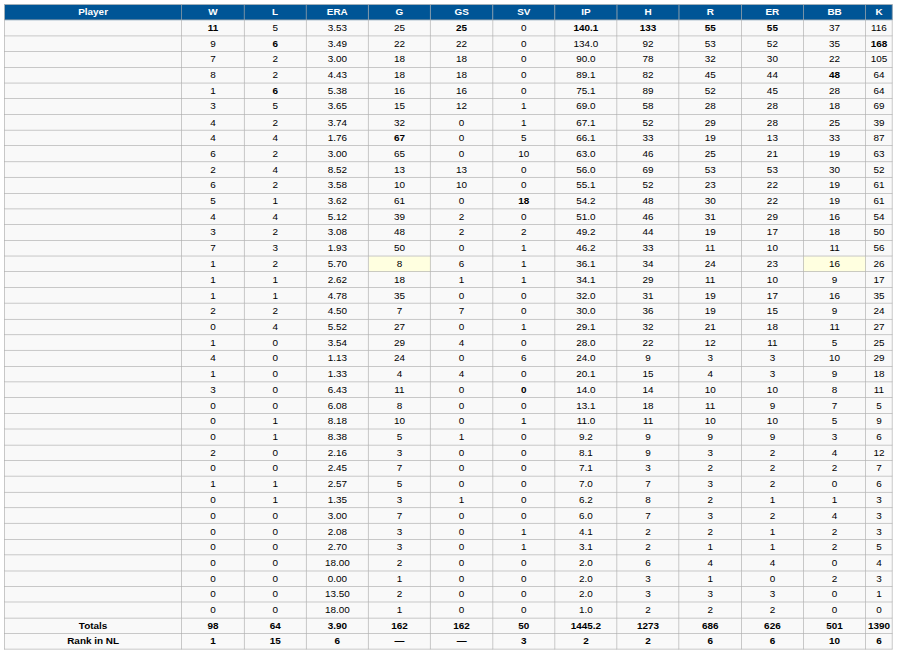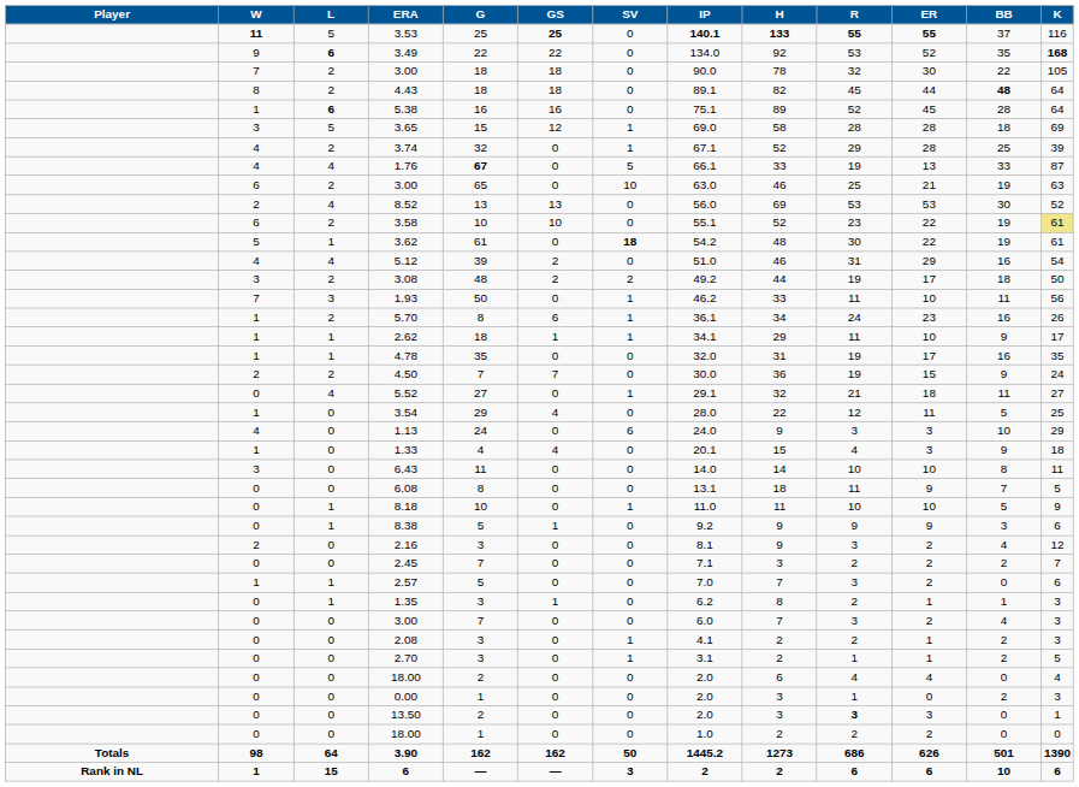 <table class="wikitable sortable">
 <tr>
 <th style="background:#005596; color:#FFF; width:20%;">Player</th>
 <th style="background:#005596; color:#FFF; width:7%;">W</th>
 <th style="background:#005596; color:#FFF; width:7%;">L</th>
 <th style="background:#005596; color:#FFF; width:7%;">ERA</th>
 <th style="background:#005596; color:#FFF; width:7%;">G</th>
 <th style="background:#005596; color:#FFF; width:7%;">GS</th>
 <th style="background:#005596; color:#FFF; width:7%;">SV</th>
 <th style="background:#005596; color:#FFF; width:7%;">IP</th>
 <th style="background:#005596; color:#FFF; width:7%;">H</th>
 <th style="background:#005596; color:#FFF; width:7%;">R</th>
 <th style="background:#005596; color:#FFF; width:7%;">ER</th>
 <th style="background:#005596; color:#FFF; width:7%;">BB</th>
 <th style="background:#005596; color:#FFF; width:7%;">K</th>
 </tr>
 <tr align=center>
 <td></td>
 <td><strong>11</strong></td>
 <td>5</td>
 <td>3.53</td>
 <td>25</td>
 <td><strong>25</strong></td>
 <td>0</td>
 <td><strong>140.1</strong></td>
 <td><strong>133</strong></td>
 <td><strong>55</strong></td>
 <td><strong>55</strong></td>
 <td>37</td>
 <td>116</td>
 </tr>
 <tr align=center>
 <td></td>
 <td>9</td>
 <td><strong>6</strong></td>
 <td>3.49</td>
 <td>22</td>
 <td>22</td>
 <td>0</td>
 <td>134.0</td>
 <td>92</td>
 <td>53</td>
 <td>52</td>
 <td>35</td>
 <td><strong>168</strong></td>
 </tr>
 <tr align=center>
 <td></td>
 <td>7</td>
 <td>2</td>
 <td>3.00</td>
 <td>18</td>
 <td>18</td>
 <td>0</td>
 <td>90.0</td>
 <td>78</td>
 <td>32</td>
 <td>30</td>
 <td>22</td>
 <td>105</td>
 </tr>
 <tr align=center>
 <td></td>
 <td>8</td>
 <td>2</td>
 <td>4.43</td>
 <td>18</td>
 <td>18</td>
 <td>0</td>
 <td>89.1</td>
 <td>82</td>
 <td>45</td>
 <td>44</td>
 <td><strong>48</strong></td>
 <td>64</td>
 </tr>
 <tr align=center>
 <td></td>
 <td>1</td>
 <td><strong>6</strong></td>
 <td>5.38</td>
 <td>16</td>
 <td>16</td>
 <td>0</td>
 <td>75.1</td>
 <td>89</td>
 <td>52</td>
 <td>45</td>
 <td>28</td>
 <td>64</td>
 </tr>
 <tr align=center>
 <td></td>
 <td>3</td>
 <td>5</td>
 <td>3.65</td>
 <td>15</td>
 <td>12</td>
 <td>1</td>
 <td>69.0</td>
 <td>58</td>
 <td>28</td>
 <td>28</td>
 <td>18</td>
 <td>69</td>
 </tr>
 <tr align=center>
 <td></td>
 <td>4</td>
 <td>2</td>
 <td>3.74</td>
 <td>32</td>
 <td>0</td>
 <td>1</td>
 <td>67.1</td>
 <td>52</td>
 <td>29</td>
 <td>28</td>
 <td>25</td>
 <td>39</td>
 </tr>
 <tr align=center>
 <td></td>
 <td>4</td>
 <td>4</td>
 <td>1.76</td>
 <td><strong>67</strong></td>
 <td>0</td>
 <td>5</td>
 <td>66.1</td>
 <td>33</td>
 <td>19</td>
 <td>13</td>
 <td>33</td>
 <td>87</td>
 </tr>
 <tr align=center>
 <td></td>
 <td>6</td>
 <td>2</td>
 <td>3.00</td>
 <td>65</td>
 <td>0</td>
 <td>10</td>
 <td>63.0</td>
 <td>46</td>
 <td>25</td>
 <td>21</td>
 <td>19</td>
 <td>63</td>
 </tr>
 <tr align=center>
 <td></td>
 <td>2</td>
 <td>4</td>
 <td>8.52</td>
 <td>13</td>
 <td>13</td>
 <td>0</td>
 <td>56.0</td>
 <td>69</td>
 <td>53</td>
 <td>53</td>
 <td>30</td>
 <td>52</td>
 </tr>
 <tr align=center>
 <td></td>
 <td>6</td>
 <td>2</td>
 <td>3.58</td>
 <td>10</td>
 <td>10</td>
 <td>0</td>
 <td>55.1</td>
 <td>52</td>
 <td>23</td>
 <td>22</td>
 <td>19</td>
-<td>61</td>
+<td style="background: khaki;">61</td>
 </tr>
 <tr align=center>
 <td></td>
 <td>5</td>
 <td>1</td>
 <td>3.62</td>
 <td>61</td>
 <td>0</td>
 <td><strong>18</strong></td>
 <td>54.2</td>
 <td>48</td>
 <td>30</td>
 <td>22</td>
 <td>19</td>
 <td>61</td>
 </tr>
 <tr align=center>
 <td></td>
 <td>4</td>
 <td>4</td>
 <td>5.12</td>
 <td>39</td>
 <td>2</td>
 <td>0</td>
 <td>51.0</td>
 <td>46</td>
 <td>31</td>
 <td>29</td>
 <td>16</td>
 <td>54</td>
 </tr>
 <tr align=center>
 <td></td>
 <td>3</td>
 <td>2</td>
 <td>3.08</td>
 <td>48</td>
 <td>2</td>
 <td>2</td>
 <td>49.2</td>
 <td>44</td>
 <td>19</td>
 <td>17</td>
 <td>18</td>
 <td>50</td>
 </tr>
 <tr align=center>
 <td></td>
 <td>7</td>
 <td>3</td>
 <td>1.93</td>
 <td>50</td>
 <td>0</td>
 <td>1</td>
 <td>46.2</td>
 <td>33</td>
 <td>11</td>
 <td>10</td>
 <td>11</td>
 <td>56</td>
 </tr>
 <tr align=center>
 <td></td>
 <td>1</td>
 <td>2</td>
 <td>5.70</td>
-<td style="background: lightyellow;">8</td>
+<td>8</td>
 <td>6</td>
 <td>1</td>
 <td>36.1</td>
 <td>34</td>
 <td>24</td>
 <td>23</td>
-<td style="background: lightyellow;">16</td>
+<td>16</td>
 <td>26</td>
 </tr>
 <tr align=center>
 <td></td>
 <td>1</td>
 <td>1</td>
 <td>2.62</td>
 <td>18</td>
 <td>1</td>
 <td>1</td>
 <td>34.1</td>
 <td>29</td>
 <td>11</td>
 <td>10</td>
 <td>9</td>
 <td>17</td>
 </tr>
 <tr align=center>
 <td></td>
 <td>1</td>
 <td>1</td>
 <td>4.78</td>
 <td>35</td>
 <td>0</td>
 <td>0</td>
 <td>32.0</td>
 <td>31</td>
 <td>19</td>
 <td>17</td>
 <td>16</td>
 <td>35</td>
 </tr>
 <tr align=center>
 <td></td>
 <td>2</td>
 <td>2</td>
 <td>4.50</td>
 <td>7</td>
 <td>7</td>
 <td>0</td>
 <td>30.0</td>
 <td>36</td>
 <td>19</td>
 <td>15</td>
 <td>9</td>
 <td>24</td>
 </tr>
 <tr align=center>
 <td></td>
 <td>0</td>
 <td>4</td>
 <td>5.52</td>
 <td>27</td>
 <td>0</td>
 <td>1</td>
 <td>29.1</td>
 <td>32</td>
 <td>21</td>
 <td>18</td>
 <td>11</td>
 <td>27</td>
 </tr>
 <tr align=center>
 <td></td>
 <td>1</td>
 <td>0</td>
 <td>3.54</td>
 <td>29</td>
 <td>4</td>
 <td>0</td>
 <td>28.0</td>
 <td>22</td>
 <td>12</td>
 <td>11</td>
 <td>5</td>
 <td>25</td>
 </tr>
 <tr align=center>
 <td></td>
 <td>4</td>
 <td>0</td>
 <td>1.13</td>
 <td>24</td>
 <td>0</td>
 <td>6</td>
 <td>24.0</td>
 <td>9</td>
 <td>3</td>
 <td>3</td>
 <td>10</td>
 <td>29</td>
 </tr>
 <tr align=center>
 <td></td>
 <td>1</td>
 <td>0</td>
 <td>1.33</td>
 <td>4</td>
 <td>4</td>
 <td>0</td>
 <td>20.1</td>
 <td>15</td>
 <td>4</td>
 <td>3</td>
 <td>9</td>
 <td>18</td>
 </tr>
 <tr align=center>
 <td></td>
 <td>3</td>
 <td>0</td>
 <td>6.43</td>
 <td>11</td>
 <td>0</td>
-<td><strong>0</strong></td>
+<td>0</td>
 <td>14.0</td>
 <td>14</td>
 <td>10</td>
 <td>10</td>
 <td>8</td>
 <td>11</td>
 </tr>
 <tr align=center>
 <td></td>
 <td>0</td>
 <td>0</td>
 <td>6.08</td>
 <td>8</td>
 <td>0</td>
 <td>0</td>
 <td>13.1</td>
 <td>18</td>
 <td>11</td>
 <td>9</td>
 <td>7</td>
 <td>5</td>
 </tr>
 <tr align=center>
 <td></td>
 <td>0</td>
 <td>1</td>
 <td>8.18</td>
 <td>10</td>
 <td>0</td>
 <td>1</td>
 <td>11.0</td>
 <td>11</td>
 <td>10</td>
 <td>10</td>
 <td>5</td>
 <td>9</td>
 </tr>
 <tr align=center>
 <td></td>
 <td>0</td>
 <td>1</td>
 <td>8.38</td>
 <td>5</td>
 <td>1</td>
 <td>0</td>
 <td>9.2</td>
 <td>9</td>
 <td>9</td>
 <td>9</td>
 <td>3</td>
 <td>6</td>
 </tr>
 <tr align=center>
 <td></td>
 <td>2</td>
 <td>0</td>
 <td>2.16</td>
 <td>3</td>
 <td>0</td>
 <td>0</td>
 <td>8.1</td>
 <td>9</td>
 <td>3</td>
 <td>2</td>
 <td>4</td>
 <td>12</td>
 </tr>
 <tr align=center>
 <td></td>
 <td>0</td>
 <td>0</td>
 <td>2.45</td>
 <td>7</td>
 <td>0</td>
 <td>0</td>
 <td>7.1</td>
 <td>3</td>
 <td>2</td>
 <td>2</td>
 <td>2</td>
 <td>7</td>
 </tr>
 <tr align=center>
 <td></td>
 <td>1</td>
 <td>1</td>
 <td>2.57</td>
 <td>5</td>
 <td>0</td>
 <td>0</td>
 <td>7.0</td>
 <td>7</td>
 <td>3</td>
 <td>2</td>
 <td>0</td>
 <td>6</td>
 </tr>
 <tr align=center>
 <td></td>
 <td>0</td>
 <td>1</td>
 <td>1.35</td>
 <td>3</td>
 <td>1</td>
 <td>0</td>
 <td>6.2</td>
 <td>8</td>
 <td>2</td>
 <td>1</td>
 <td>1</td>
 <td>3</td>
 </tr>
 <tr align=center>
 <td></td>
 <td>0</td>
 <td>0</td>
 <td>3.00</td>
 <td>7</td>
 <td>0</td>
 <td>0</td>
 <td>6.0</td>
 <td>7</td>
 <td>3</td>
 <td>2</td>
 <td>4</td>
 <td>3</td>
 </tr>
 <tr align=center>
 <td></td>
 <td>0</td>
 <td>0</td>
 <td>2.08</td>
 <td>3</td>
 <td>0</td>
 <td>1</td>
 <td>4.1</td>
 <td>2</td>
 <td>2</td>
 <td>1</td>
 <td>2</td>
 <td>3</td>
 </tr>
 <tr align=center>
 <td></td>
 <td>0</td>
 <td>0</td>
 <td>2.70</td>
 <td>3</td>
 <td>0</td>
 <td>1</td>
 <td>3.1</td>
 <td>2</td>
 <td>1</td>
 <td>1</td>
 <td>2</td>
 <td>5</td>
 </tr>
 <tr align=center>
 <td></td>
 <td>0</td>
 <td>0</td>
 <td>18.00</td>
 <td>2</td>
 <td>0</td>
 <td>0</td>
 <td>2.0</td>
 <td>6</td>
 <td>4</td>
 <td>4</td>
 <td>0</td>
 <td>4</td>
 </tr>
 <tr align=center>
 <td></td>
 <td>0</td>
 <td>0</td>
 <td>0.00</td>
 <td>1</td>
 <td>0</td>
 <td>0</td>
 <td>2.0</td>
 <td>3</td>
 <td>1</td>
 <td>0</td>
 <td>2</td>
 <td>3</td>
 </tr>
 <tr align=center>
 <td></td>
 <td>0</td>
 <td>0</td>
 <td>13.50</td>
 <td>2</td>
 <td>0</td>
 <td>0</td>
 <td>2.0</td>
 <td>3</td>
-<td>3</td>
+<td><strong>3</strong></td>
 <td>3</td>
 <td>0</td>
 <td>1</td>
 </tr>
 <tr align=center>
 <td></td>
 <td>0</td>
 <td>0</td>
 <td>18.00</td>
 <td>1</td>
 <td>0</td>
 <td>0</td>
 <td>1.0</td>
 <td>2</td>
 <td>2</td>
 <td>2</td>
 <td>0</td>
 <td>0</td>
 </tr>
 <tr align=center>
 <td><strong>Totals</strong></td>
 <td><strong>98</strong></td>
 <td><strong>64</strong></td>
 <td><strong>3.90</strong></td>
 <td><strong>162</strong></td>
 <td><strong>162</strong></td>
 <td><strong>50</strong></td>
 <td><strong>1445.2</strong></td>
 <td><strong>1273</strong></td>
 <td><strong>686</strong></td>
 <td><strong>626</strong></td>
 <td><strong>501</strong></td>
 <td><strong>1390</strong></td>
 </tr>
 <tr align=center>
 <td><strong>Rank in NL</strong></td>
 <td><strong>1</strong></td>
 <td><strong>15</strong></td>
 <td><strong>6</strong></td>
 <td><strong>—</strong></td>
 <td><strong>—</strong></td>
 <td><strong>3</strong></td>
 <td><strong>2</strong></td>
 <td><strong>2</strong></td>
 <td><strong>6</strong></td>
 <td><strong>6</strong></td>
 <td><strong>10</strong></td>
 <td><strong>6</strong></td>
 </tr>
 </table>
